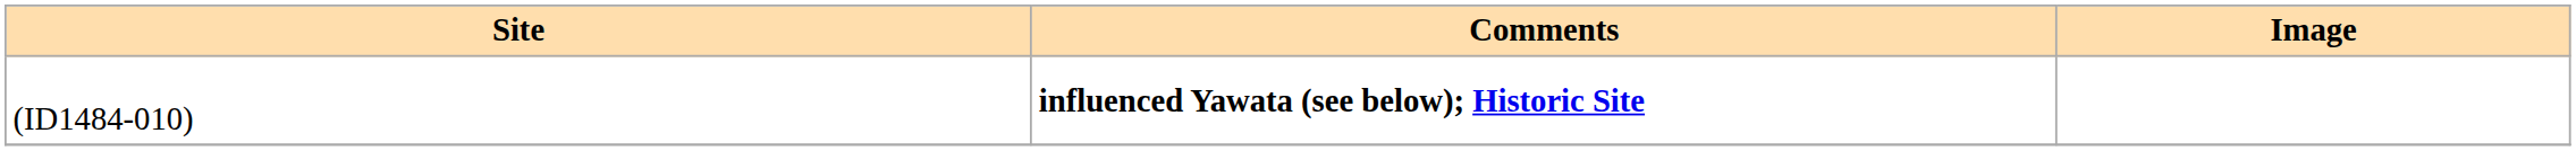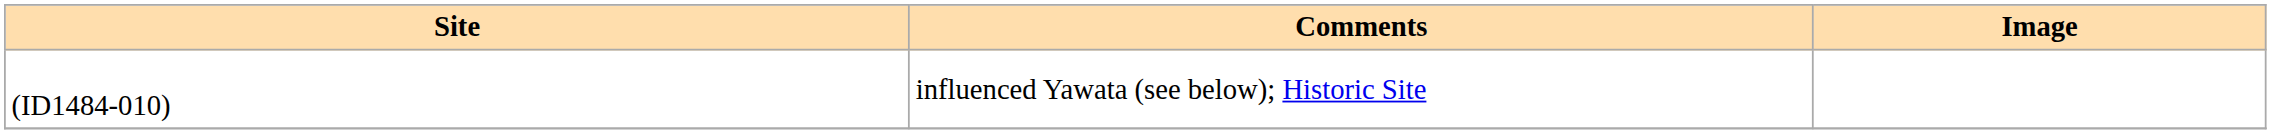 <table class="wikitable sortable"  width="100%" style="background:#ffffff;">
 <tr>
 <th width="40%" align="left" style="background:#ffdead;">Site</th>
 <th width="40%" align="left" style="background:#ffdead;" class="unsortable">Comments</th>
 <th width="20" align="left" style="background:#ffdead;" class="unsortable">Image</th>
 </tr>
 <tr>
 <td><br>(ID1484-010)</td>
-<td><strong>influenced Yawata (see below); <a href='#'>Historic Site</a></strong></td>
+<td>influenced Yawata (see below); <a href='#'>Historic Site</a></td>
 <td></td>
 </tr>
 <tr>
 </tr>
 </table>
